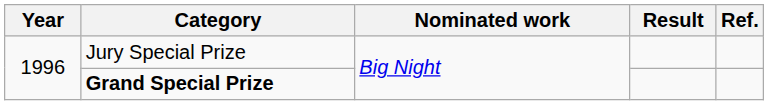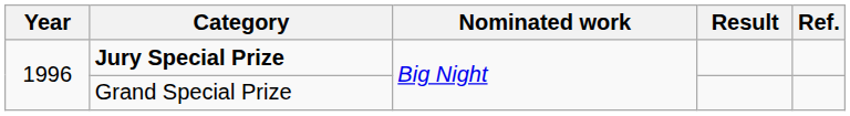 <table class=wikitable>
 <tr>
 <th scope="col" style="width:5em;">Year</th>
 <th scope="col" style="width:26em;">Category</th>
 <th scope="col" style="width:25em;">Nominated work</th>
 <th scope="col" style="width:5em;">Result</th>
 <th>Ref.</th>
 </tr>
 <tr>
 <td style="text-align:center;", rowspan="2">1996</td>
-<td>Jury Special Prize</td>
+<td><strong>Jury Special Prize</strong></td>
 <td rowspan="2"><em><a href='#'>Big Night</a></em></td>
 <td></td>
 <td></td>
 </tr>
 <tr>
-<td><strong>Grand Special Prize</strong></td>
+<td>Grand Special Prize</td>
 <td></td>
 <td></td>
 </tr>
 </table>
